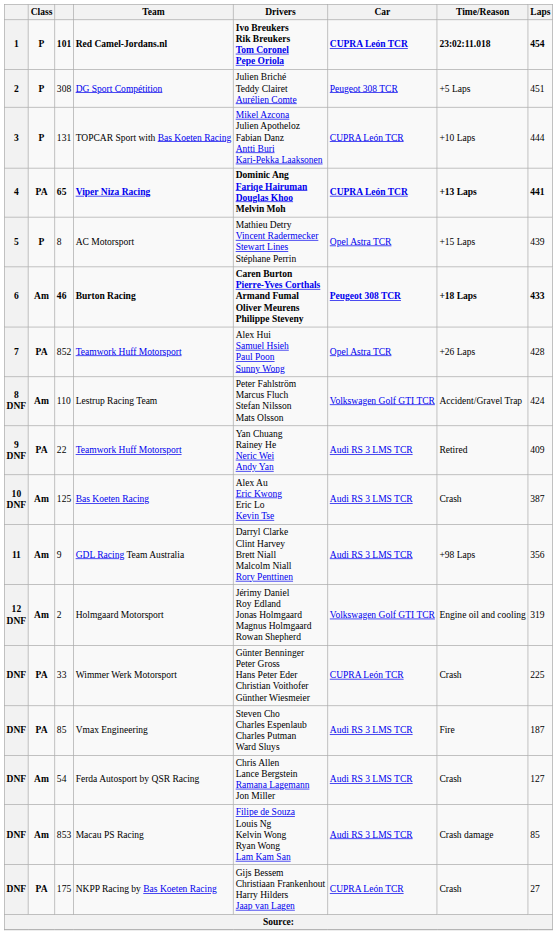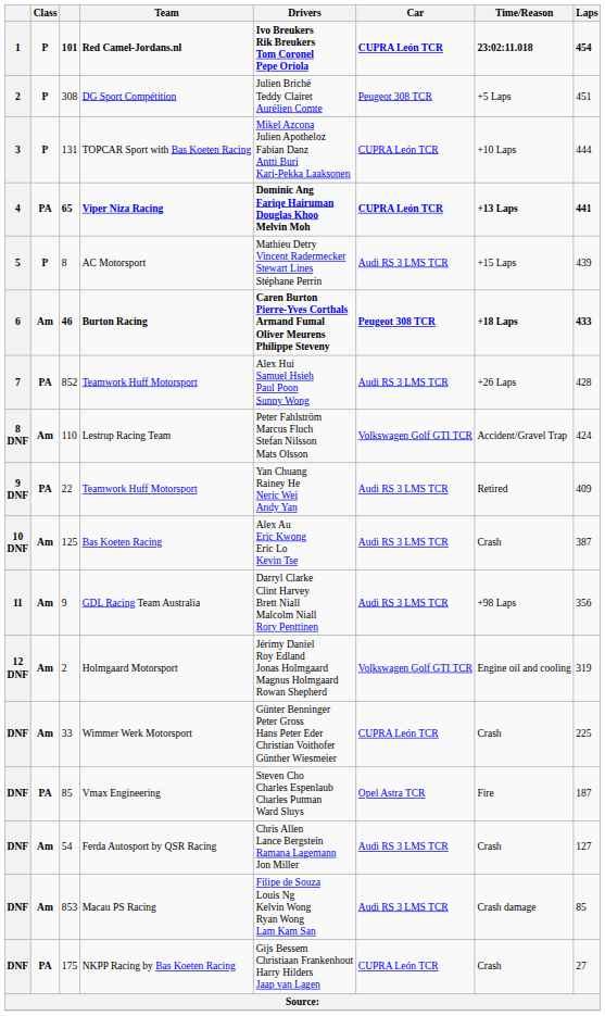 <table class="wikitable" style="font-size: 85%;">
 <tr>
 <th></th>
 <th>Class</th>
 <th></th>
 <th>Team</th>
 <th>Drivers</th>
 <th>Car</th>
 <th>Time/Reason</th>
 <th>Laps</th>
 </tr>
 <tr>
 <th><strong>1</strong></th>
 <td align=center><strong><span>P</span></strong></td>
 <td><strong>101</strong></td>
 <td> <strong>Red Camel-Jordans.nl</strong></td>
 <td> <strong>Ivo Breukers<br> Rik Breukers<br> <a href='#'>Tom Coronel</a><br> <a href='#'>Pepe Oriola</a></strong></td>
 <td><strong><a href='#'>CUPRA León TCR</a></strong></td>
 <td><strong>23:02:11.018</strong></td>
 <td><strong>454</strong></td>
 </tr>
 <tr>
 <th>2</th>
 <td align=center><strong><span>P</span></strong></td>
 <td>308</td>
 <td> <a href='#'>DG Sport Compétition</a></td>
 <td> Julien Briché<br> Teddy Clairet<br> <a href='#'>Aurélien Comte</a></td>
 <td><a href='#'>Peugeot 308 TCR</a></td>
 <td>+5 Laps</td>
 <td>451</td>
 </tr>
 <tr>
 <th>3</th>
 <td align=center><strong><span>P</span></strong></td>
 <td>131</td>
 <td> TOPCAR Sport with <a href='#'>Bas Koeten Racing</a></td>
 <td> <a href='#'>Mikel Azcona</a><br> Julien Apotheloz<br> Fabian Danz<br> <a href='#'>Antti Buri</a><br> <a href='#'>Kari-Pekka Laaksonen</a></td>
 <td><a href='#'>CUPRA León TCR</a></td>
 <td>+10 Laps</td>
 <td>444</td>
 </tr>
 <tr>
 <th><strong>4</strong></th>
 <td align=center><strong><span>PA</span></strong></td>
 <td><strong>65</strong></td>
 <td> <strong><a href='#'>Viper Niza Racing</a></strong></td>
 <td> <strong>Dominic Ang<br> <a href='#'>Fariqe Hairuman</a><br> <a href='#'>Douglas Khoo</a><br> Melvin Moh</strong></td>
 <td><strong><a href='#'>CUPRA León TCR</a></strong></td>
 <td><strong>+13 Laps</strong></td>
 <td><strong>441</strong></td>
 </tr>
 <tr>
 <th>5</th>
 <td align=center><strong><span>P</span></strong></td>
 <td>8</td>
 <td> AC Motorsport</td>
 <td> Mathieu Detry<br> <a href='#'>Vincent Radermecker</a><br> <a href='#'>Stewart Lines</a><br> Stéphane Perrin</td>
-<td><a href='#'>Opel Astra TCR</a></td>
+<td><a href='#'>Audi RS 3 LMS TCR</a></td>
 <td>+15 Laps</td>
 <td>439</td>
 </tr>
 <tr>
 <th><strong>6</strong></th>
 <td align=center><strong><span>Am</span></strong></td>
 <td><strong>46</strong></td>
 <td> <strong>Burton Racing</strong></td>
 <td> <strong>Caren Burton<br> <a href='#'>Pierre-Yves Corthals</a><br> Armand Fumal<br> Oliver Meurens<br> Philippe Steveny</strong></td>
 <td><strong><a href='#'>Peugeot 308 TCR</a></strong></td>
 <td><strong>+18 Laps</strong></td>
 <td><strong>433</strong></td>
 </tr>
 <tr>
 <th>7</th>
 <td align=center><strong><span>PA</span></strong></td>
 <td>852</td>
 <td> <a href='#'>Teamwork Huff Motorsport</a></td>
 <td> Alex Hui<br> <a href='#'>Samuel Hsieh</a><br> <a href='#'>Paul Poon</a><br> <a href='#'>Sunny Wong</a></td>
-<td><a href='#'>Opel Astra TCR</a></td>
+<td><a href='#'>Audi RS 3 LMS TCR</a></td>
 <td>+26 Laps</td>
 <td>428</td>
 </tr>
 <tr>
 <th>8<br>DNF</th>
 <td align=center><strong><span>Am</span></strong></td>
 <td>110</td>
 <td> Lestrup Racing Team</td>
 <td> Peter Fahlström<br> Marcus Fluch<br> Stefan Nilsson<br> Mats Olsson</td>
 <td><a href='#'>Volkswagen Golf GTI TCR</a></td>
 <td>Accident/Gravel Trap</td>
 <td>424</td>
 </tr>
 <tr>
 <th>9<br>DNF</th>
 <td align=center><strong><span>PA</span></strong></td>
 <td>22</td>
 <td> <a href='#'>Teamwork Huff Motorsport</a></td>
 <td> Yan Chuang<br> Rainey He<br> <a href='#'>Neric Wei</a><br> <a href='#'>Andy Yan</a></td>
 <td><a href='#'>Audi RS 3 LMS TCR</a></td>
 <td>Retired</td>
 <td>409</td>
 </tr>
 <tr>
 <th>10<br>DNF</th>
 <td align=center><strong><span>Am</span></strong></td>
 <td>125</td>
 <td> <a href='#'>Bas Koeten Racing</a></td>
 <td> Alex Au<br> <a href='#'>Eric Kwong</a><br> Eric Lo<br> <a href='#'>Kevin Tse</a></td>
 <td><a href='#'>Audi RS 3 LMS TCR</a></td>
 <td>Crash</td>
 <td>387</td>
 </tr>
 <tr>
 <th>11</th>
 <td align=center><strong><span>Am</span></strong></td>
 <td>9</td>
 <td> <a href='#'>GDL Racing</a> Team Australia</td>
 <td> Darryl Clarke<br> Clint Harvey<br> Brett Niall<br> Malcolm Niall<br> <a href='#'>Rory Penttinen</a></td>
 <td><a href='#'>Audi RS 3 LMS TCR</a></td>
 <td>+98 Laps</td>
 <td>356</td>
 </tr>
 <tr>
 <th>12<br>DNF</th>
 <td align=center><strong><span>Am</span></strong></td>
 <td>2</td>
 <td> Holmgaard Motorsport</td>
 <td> Jérimy Daniel<br> Roy Edland<br> Jonas Holmgaard<br> Magnus Holmgaard<br> Rowan Shepherd</td>
 <td><a href='#'>Volkswagen Golf GTI TCR</a></td>
 <td>Engine oil and cooling</td>
 <td>319</td>
 </tr>
 <tr>
 <th>DNF</th>
-<td align=center><strong><span>PA</span></strong></td>
+<td align=center><strong><span>Am</span></strong></td>
 <td>33</td>
 <td> Wimmer Werk Motorsport</td>
 <td> Günter Benninger<br> Peter Gross<br> Hans Peter Eder<br> Christian Voithofer<br> Günther Wiesmeier</td>
 <td><a href='#'>CUPRA León TCR</a></td>
 <td>Crash</td>
 <td>225</td>
 </tr>
 <tr>
 <th>DNF</th>
 <td align=center><strong><span>PA</span></strong></td>
 <td>85</td>
 <td> Vmax Engineering</td>
 <td> Steven Cho<br> Charles Espenlaub<br> Charles Putman<br> Ward Sluys</td>
-<td><a href='#'>Audi RS 3 LMS TCR</a></td>
+<td><a href='#'>Opel Astra TCR</a></td>
 <td>Fire</td>
 <td>187</td>
 </tr>
 <tr>
 <th>DNF</th>
 <td align=center><strong><span>Am</span></strong></td>
 <td>54</td>
 <td> Ferda Autosport by QSR Racing</td>
 <td> Chris Allen<br> Lance Bergstein<br> <a href='#'>Ramana Lagemann</a><br> Jon Miller</td>
 <td><a href='#'>Audi RS 3 LMS TCR</a></td>
 <td>Crash</td>
 <td>127</td>
 </tr>
 <tr>
 <th>DNF</th>
 <td align=center><strong><span>Am</span></strong></td>
 <td>853</td>
 <td> Macau PS Racing</td>
 <td> <a href='#'>Filipe de Souza</a><br> Louis Ng<br> Kelvin Wong<br> Ryan Wong<br> <a href='#'>Lam Kam San</a></td>
 <td><a href='#'>Audi RS 3 LMS TCR</a></td>
 <td>Crash damage</td>
 <td>85</td>
 </tr>
 <tr>
 <th>DNF</th>
 <td align=center><strong><span>PA</span></strong></td>
 <td>175</td>
 <td> NKPP Racing by <a href='#'>Bas Koeten Racing</a></td>
 <td> Gijs Bessem<br> Christiaan Frankenhout<br> Harry Hilders<br> <a href='#'>Jaap van Lagen</a></td>
 <td><a href='#'>CUPRA León TCR</a></td>
 <td>Crash</td>
 <td>27</td>
 </tr>
 <tr>
 <th colspan="8">Source:<br>  </th>
 </tr>
 <tr>
 </tr>
 </table>
